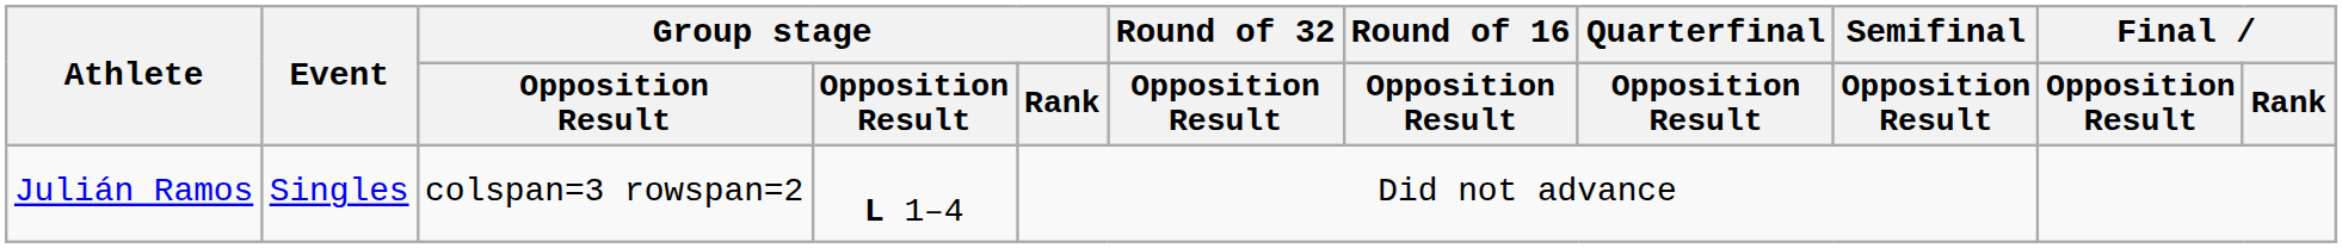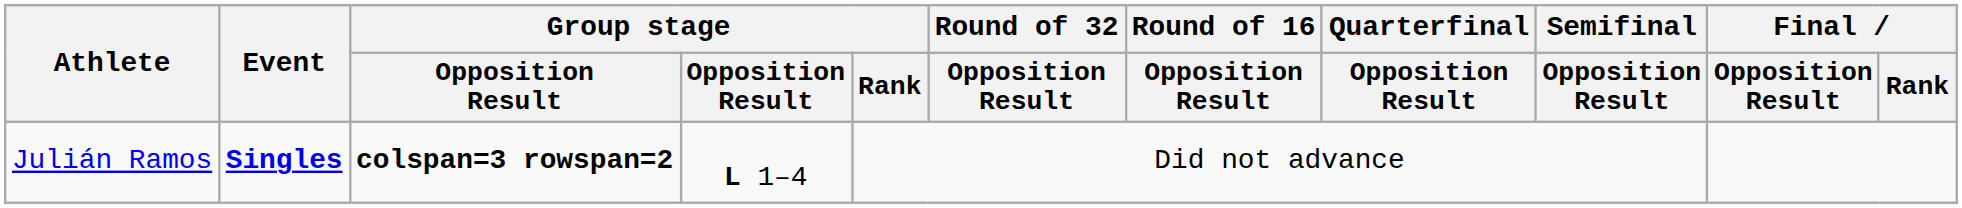 <table class=wikitable style=font-size:90%;text-align:center>
 <tr>
 <th rowspan=2>Athlete</th>
 <th rowspan=2>Event</th>
 <th colspan=3>Group stage</th>
 <th>Round of 32</th>
 <th>Round of 16</th>
 <th>Quarterfinal</th>
 <th>Semifinal</th>
 <th colspan=2>Final / </th>
 </tr>
 <tr style=font-size:95%>
 <th>Opposition<br>Result</th>
 <th>Opposition<br>Result</th>
 <th>Rank</th>
 <th>Opposition<br>Result</th>
 <th>Opposition<br>Result</th>
 <th>Opposition<br>Result</th>
 <th>Opposition<br>Result</th>
 <th>Opposition<br>Result</th>
 <th>Rank</th>
 </tr>
 <tr>
 <td align=left><a href='#'>Julián Ramos</a></td>
-<td align=left><a href='#'>Singles</a></td>
-<td>colspan=3 rowspan=2 </td>
+<td align=left><strong><a href='#'>Singles</a></strong></td>
+<td><strong>colspan=3 rowspan=2 </strong></td>
 <td><br><strong>L</strong> 1–4</td>
 <td colspan=5>Did not advance</td>
 </tr>
 </table>
